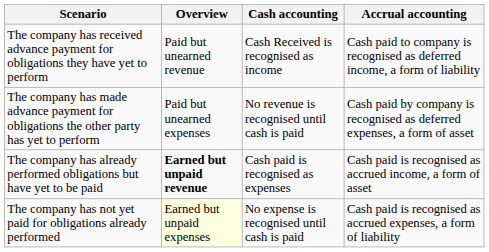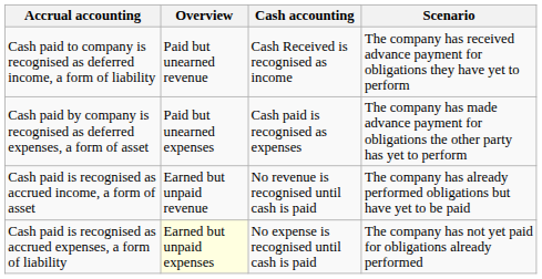 <table class="wikitable">
 <tr>
-<th>Scenario</th>
+<th>Accrual accounting</th>
 <th>Overview</th>
 <th>Cash accounting</th>
-<th>Accrual accounting</th>
+<th>Scenario</th>
 </tr>
 <tr>
-<td>The company has received advance payment for obligations they have yet to perform</td>
+<td>Cash paid to company is recognised as deferred income, a form of liability</td>
 <td>Paid but unearned revenue</td>
 <td>Cash Received is recognised as income</td>
-<td>Cash paid to company is recognised as deferred income, a form of liability</td>
+<td>The company has received advance payment for obligations they have yet to perform</td>
 </tr>
 <tr>
+<td>Cash paid by company is recognised as deferred expenses, a form of asset</td>
+<td>Paid but unearned expenses</td>
+<td>Cash paid is recognised as expenses</td>
 <td>The company has made advance payment for obligations the other party has yet to perform</td>
-<td>Paid but unearned expenses</td>
-<td>No revenue is recognised until cash is paid</td>
-<td>Cash paid by company is recognised as deferred expenses, a form of asset</td>
 </tr>
 <tr>
+<td>Cash paid is recognised as accrued income, a form of asset</td>
+<td>Earned but unpaid revenue</td>
+<td>No revenue is recognised until cash is paid</td>
 <td>The company has already performed obligations but have yet to be paid</td>
-<td><strong>Earned but unpaid revenue</strong></td>
-<td>Cash paid is recognised as expenses</td>
-<td>Cash paid is recognised as accrued income, a form of asset</td>
 </tr>
 <tr>
-<td>The company has not yet paid for obligations already performed</td>
+<td>Cash paid is recognised as accrued expenses, a form of liability</td>
 <td style="background: lightyellow;">Earned but unpaid expenses</td>
 <td>No expense is recognised until cash is paid</td>
-<td>Cash paid is recognised as accrued expenses, a form of liability</td>
+<td>The company has not yet paid for obligations already performed</td>
 </tr>
 </table>
